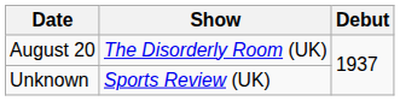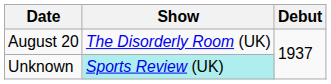 <table class="wikitable">
 <tr>
 <th>Date</th>
 <th>Show</th>
 <th>Debut</th>
 </tr>
 <tr>
 <td>August 20</td>
 <td><em><a href='#'>The Disorderly Room</a></em> (UK)</td>
 <td rowspan="2">1937</td>
 </tr>
 <tr>
 <td>Unknown</td>
-<td><em><a href='#'>Sports Review</a></em> (UK)</td>
+<td style="background: paleturquoise;"><em><a href='#'>Sports Review</a></em> (UK)</td>
 </tr>
 </table>
